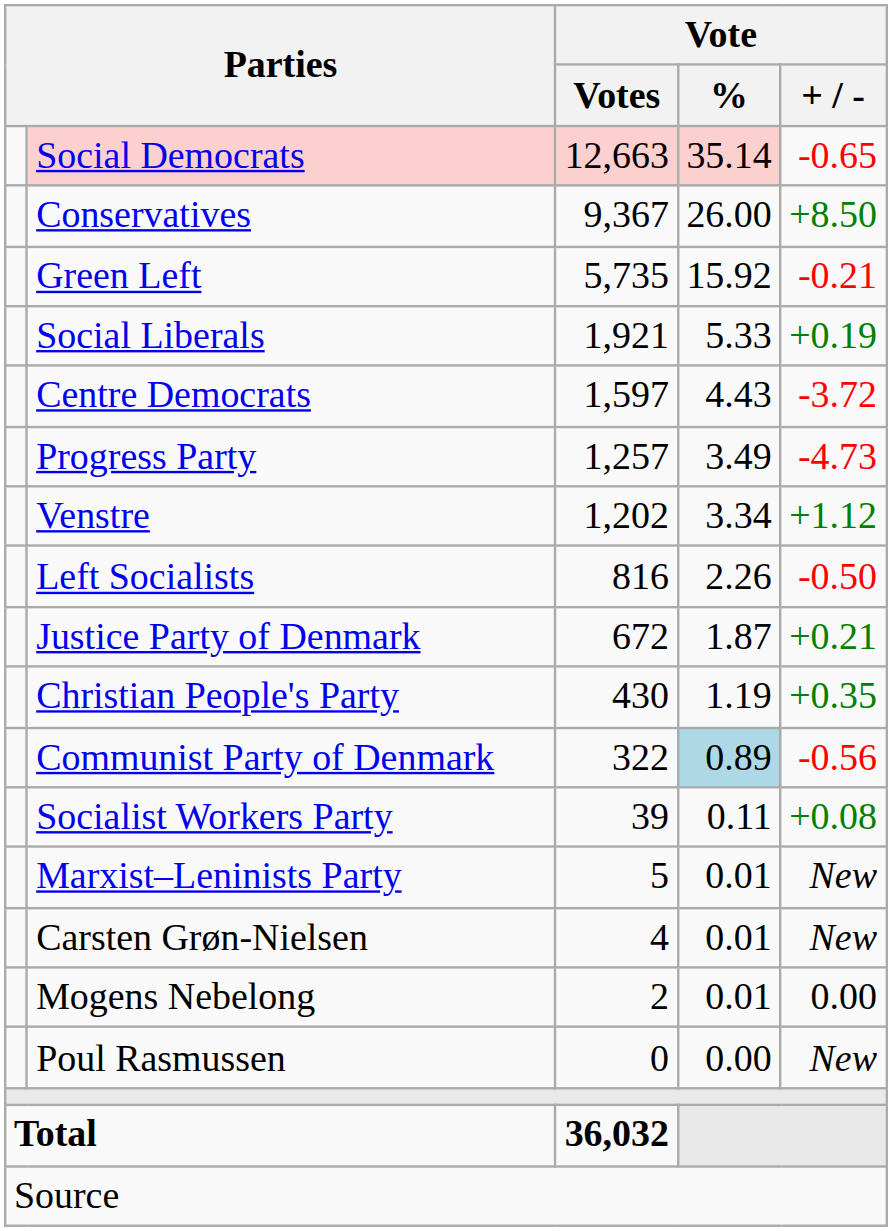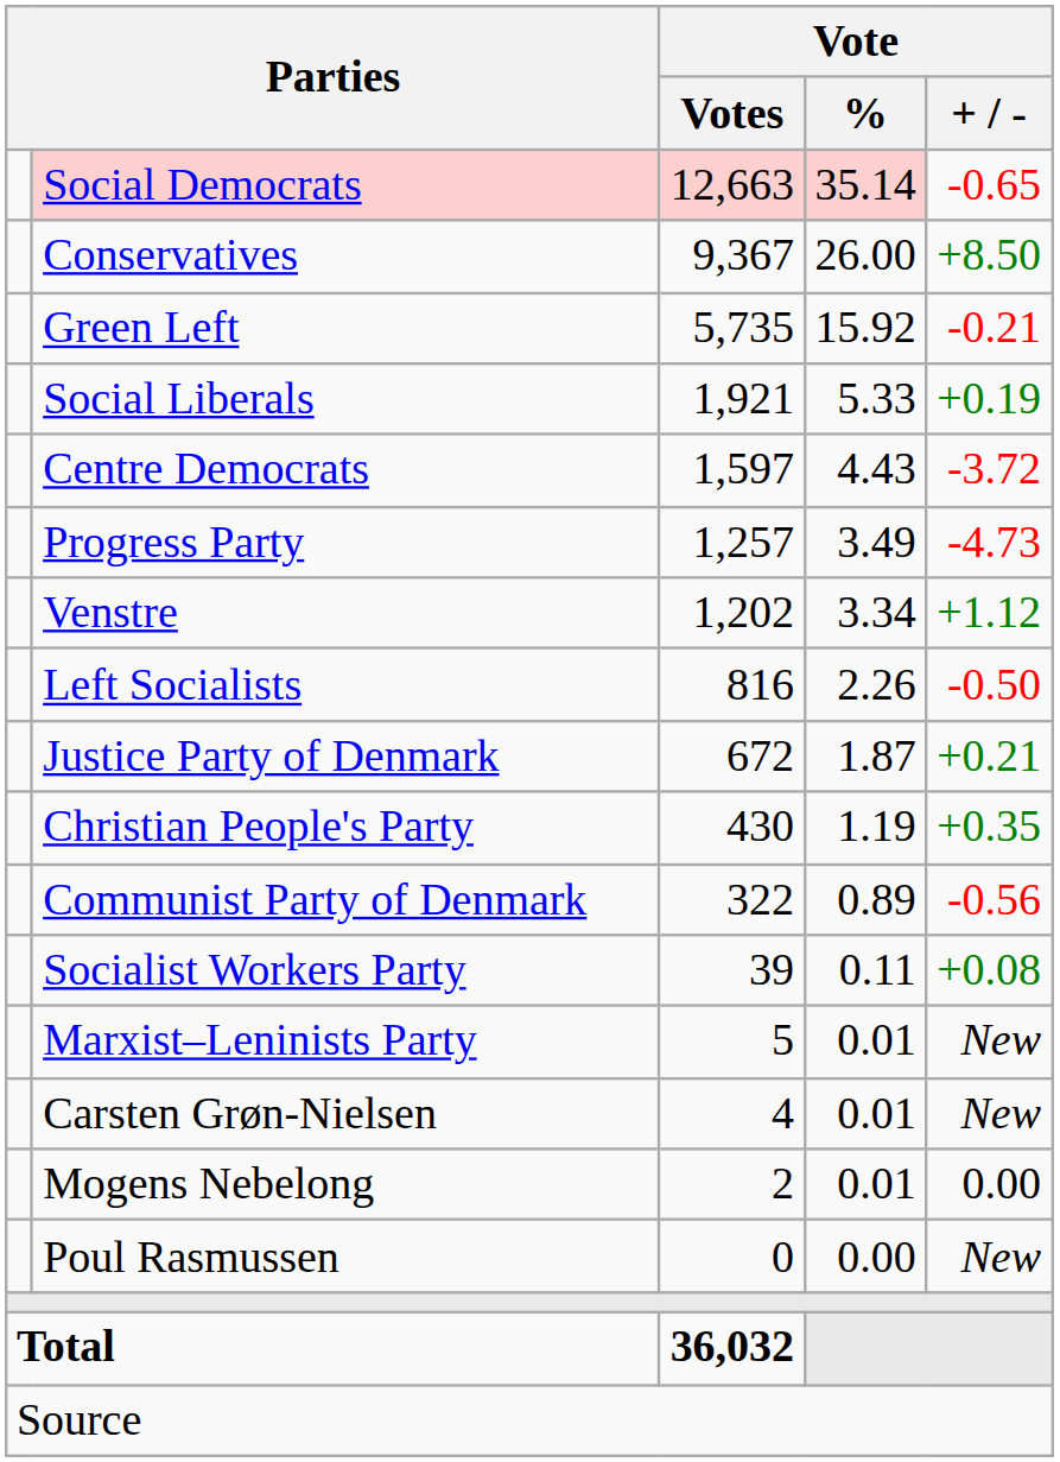 <table class="wikitable" style="text-align:right;">
 <tr>
 <th style="text-align:centre;" rowspan="2" colspan="2" width="225">Parties</th>
 <th colspan="3">Vote</th>
 </tr>
 <tr>
 <th width="15">Votes</th>
 <th width="15">%</th>
 <th width="15">+ / -</th>
 </tr>
 <tr>
 <td width="2" style="color:inherit;background:"></td>
 <td bgcolor=#fbd0ce  align="left"><a href='#'>Social Democrats</a></td>
 <td bgcolor=#fbd0ce>12,663</td>
 <td bgcolor=#fbd0ce>35.14</td>
 <td style=color:red;>-0.65</td>
 </tr>
 <tr>
 <td width="2" style="color:inherit;background:"></td>
 <td align="left"><a href='#'>Conservatives</a></td>
 <td>9,367</td>
 <td>26.00</td>
 <td style=color:green;>+8.50</td>
 </tr>
 <tr>
 <td width="2" style="color:inherit;background:"></td>
 <td align="left"><a href='#'>Green Left</a></td>
 <td>5,735</td>
 <td>15.92</td>
 <td style=color:red;>-0.21</td>
 </tr>
 <tr>
 <td width="2" style="color:inherit;background:"></td>
 <td align="left"><a href='#'>Social Liberals</a></td>
 <td>1,921</td>
 <td>5.33</td>
 <td style=color:green;>+0.19</td>
 </tr>
 <tr>
 <td width="2" style="color:inherit;background:"></td>
 <td align="left"><a href='#'>Centre Democrats</a></td>
 <td>1,597</td>
 <td>4.43</td>
 <td style=color:red;>-3.72</td>
 </tr>
 <tr>
 <td width="2" style="color:inherit;background:"></td>
 <td align="left"><a href='#'>Progress Party</a></td>
 <td>1,257</td>
 <td>3.49</td>
 <td style=color:red;>-4.73</td>
 </tr>
 <tr>
 <td width="2" style="color:inherit;background:"></td>
 <td align="left"><a href='#'>Venstre</a></td>
 <td>1,202</td>
 <td>3.34</td>
 <td style=color:green;>+1.12</td>
 </tr>
 <tr>
 <td width="2" style="color:inherit;background:"></td>
 <td align="left"><a href='#'>Left Socialists</a></td>
 <td>816</td>
 <td>2.26</td>
 <td style=color:red;>-0.50</td>
 </tr>
 <tr>
 <td width="2" style="color:inherit;background:"></td>
 <td align="left"><a href='#'>Justice Party of Denmark</a></td>
 <td>672</td>
 <td>1.87</td>
 <td style=color:green;>+0.21</td>
 </tr>
 <tr>
 <td width="2" style="color:inherit;background:"></td>
 <td align="left"><a href='#'>Christian People's Party</a></td>
 <td>430</td>
 <td>1.19</td>
 <td style=color:green;>+0.35</td>
 </tr>
 <tr>
 <td width="2" style="color:inherit;background:"></td>
 <td align="left"><a href='#'>Communist Party of Denmark</a></td>
 <td>322</td>
-<td style="background: lightblue;">0.89</td>
+<td>0.89</td>
 <td style=color:red;>-0.56</td>
 </tr>
 <tr>
 <td width="2" style="color:inherit;background:"></td>
 <td align="left"><a href='#'>Socialist Workers Party</a></td>
 <td>39</td>
 <td>0.11</td>
 <td style=color:green;>+0.08</td>
 </tr>
 <tr>
 <td width="2" style="color:inherit;background:"></td>
 <td align="left"><a href='#'>Marxist–Leninists Party</a></td>
 <td>5</td>
 <td>0.01</td>
 <td><em>New</em></td>
 </tr>
 <tr>
 <td width="2" style="color:inherit;background:"></td>
 <td align="left">Carsten Grøn-Nielsen</td>
 <td>4</td>
 <td>0.01</td>
 <td><em>New</em></td>
 </tr>
 <tr>
 <td width="2" style="color:inherit;background:"></td>
 <td align="left">Mogens Nebelong</td>
 <td>2</td>
 <td>0.01</td>
 <td>0.00</td>
 </tr>
 <tr>
 <td width="2" style="color:inherit;background:"></td>
 <td align="left">Poul Rasmussen</td>
 <td>0</td>
 <td>0.00</td>
 <td><em>New</em></td>
 </tr>
 <tr>
 <td colspan="7" bgcolor="#E9E9E9"></td>
 </tr>
 <tr>
 <td align="left" colspan="2"><strong>Total</strong></td>
 <td><strong>36,032</strong></td>
 <td bgcolor="#E9E9E9" colspan="2"></td>
 </tr>
 <tr>
 <td align="left" colspan="6">Source</td>
 </tr>
 </table>
